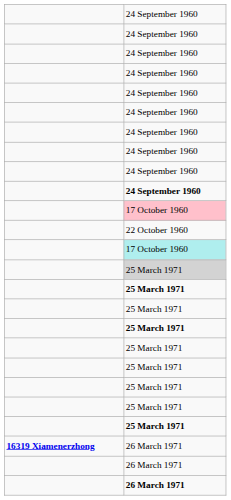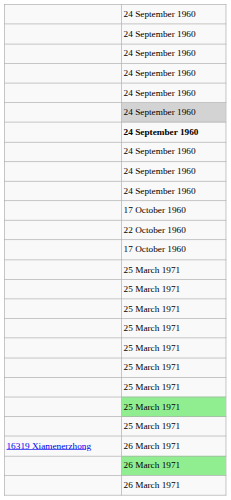 <table class="wikitable" style="font-size: 89%; float: left; width: 24em; margin-right: 1em; line-height: 1.65em">
 <tr>
 <td></td>
 <td>24 September 1960</td>
 </tr>
 <tr>
 <td></td>
 <td>24 September 1960</td>
 </tr>
 <tr>
 <td></td>
 <td>24 September 1960</td>
 </tr>
 <tr>
 <td></td>
 <td>24 September 1960</td>
 </tr>
 <tr>
 <td></td>
 <td>24 September 1960</td>
 </tr>
 <tr>
 <td></td>
-<td>24 September 1960</td>
+<td style="background: lightgrey;">24 September 1960</td>
+</tr>
+<tr>
+<td></td>
+<td><strong>24 September 1960</strong></td>
 </tr>
 <tr>
 <td></td>
 <td>24 September 1960</td>
 </tr>
 <tr>
 <td></td>
 <td>24 September 1960</td>
 </tr>
 <tr>
 <td></td>
 <td>24 September 1960</td>
 </tr>
 <tr>
 <td></td>
-<td><strong>24 September 1960</strong></td>
-</tr>
-<tr>
-<td></td>
-<td style="background: pink;">17 October 1960</td>
+<td>17 October 1960</td>
 </tr>
 <tr>
 <td></td>
 <td>22 October 1960</td>
 </tr>
 <tr>
 <td></td>
-<td style="background: paleturquoise;">17 October 1960</td>
-</tr>
-<tr>
-<td></td>
-<td style="background: lightgrey;">25 March 1971</td>
-</tr>
-<tr>
-<td></td>
-<td><strong>25 March 1971</strong></td>
-</tr>
-<tr>
-<td></td>
-<td>25 March 1971</td>
-</tr>
-<tr>
-<td></td>
-<td><strong>25 March 1971</strong></td>
+<td>17 October 1960</td>
 </tr>
 <tr>
 <td></td>
 <td>25 March 1971</td>
 </tr>
 <tr>
 <td></td>
 <td>25 March 1971</td>
 </tr>
 <tr>
 <td></td>
 <td>25 March 1971</td>
 </tr>
 <tr>
 <td></td>
 <td>25 March 1971</td>
 </tr>
 <tr>
 <td></td>
-<td><strong>25 March 1971</strong></td>
+<td>25 March 1971</td>
 </tr>
 <tr>
-<td><strong><a href='#'>16319 Xiamenerzhong</a></strong></td>
+<td></td>
+<td>25 March 1971</td>
+</tr>
+<tr>
+<td></td>
+<td>25 March 1971</td>
+</tr>
+<tr>
+<td></td>
+<td style="background: lightgreen;">25 March 1971</td>
+</tr>
+<tr>
+<td></td>
+<td>25 March 1971</td>
+</tr>
+<tr>
+<td><a href='#'>16319 Xiamenerzhong</a></td>
 <td>26 March 1971</td>
+</tr>
+<tr>
+<td></td>
+<td style="background: lightgreen;">26 March 1971</td>
 </tr>
 <tr>
 <td></td>
 <td>26 March 1971</td>
 </tr>
-<tr>
-<td></td>
-<td><strong>26 March 1971</strong></td>
-</tr>
 </table>
